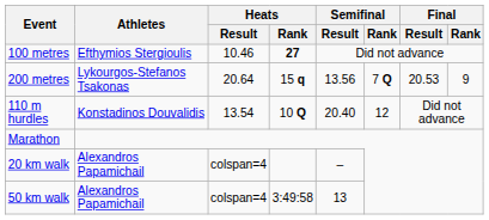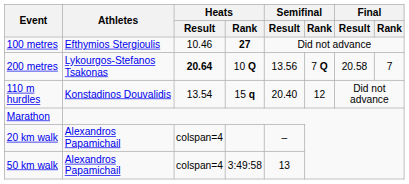 <table class="wikitable" border="1" style="font-size:90%">
 <tr>
 <th rowspan="2" width=75>Event</th>
 <th rowspan="2" width=150>Athletes</th>
 <th colspan="2">Heats</th>
 <th colspan="2">Semifinal</th>
 <th colspan="2">Final</th>
 </tr>
 <tr>
 <th width=50>Result</th>
 <th width=30>Rank</th>
 <th width=50>Result</th>
 <th width=30>Rank</th>
 <th width=50>Result</th>
 <th width=30>Rank</th>
 </tr>
 <tr>
 <td><a href='#'>100 metres</a></td>
 <td><a href='#'>Efthymios Stergioulis</a></td>
 <td align=center>10.46</td>
 <td align=center><strong>27</strong></td>
 <td colspan=4 align=center>Did not advance</td>
 </tr>
 <tr>
 <td><a href='#'>200 metres</a></td>
 <td><a href='#'>Lykourgos-Stefanos Tsakonas</a></td>
-<td align=center>20.64</td>
-<td align=center>15 <strong>q</strong></td>
+<td align=center><strong>20.64</strong></td>
+<td align=center>10 <strong>Q</strong></td>
 <td align=center>13.56</td>
 <td align=center>7 <strong>Q</strong></td>
-<td align=center>20.53</td>
-<td align=center>9</td>
+<td align=center>20.58</td>
+<td align=center>7</td>
 </tr>
 <tr>
 <td><a href='#'>110 m hurdles</a></td>
 <td><a href='#'>Konstadinos Douvalidis</a></td>
 <td align=center>13.54</td>
-<td align=center>10 <strong>Q</strong></td>
+<td align=center>15 <strong>q</strong></td>
 <td align=center>20.40</td>
 <td align=center>12</td>
 <td colspan=2 align=center>Did not advance</td>
 </tr>
 <tr>
 <td><a href='#'>Marathon</a></td>
 </tr>
 <tr>
 <td><a href='#'>20 km walk</a></td>
 <td><a href='#'>Alexandros Papamichail</a></td>
 <td>colspan=4 </td>
 <td align=center></td>
 <td align=center>–</td>
 </tr>
 <tr>
 <td><a href='#'>50 km walk</a></td>
 <td><a href='#'>Alexandros Papamichail</a></td>
 <td>colspan=4 </td>
 <td align=center>3:49:58</td>
 <td align=center>13</td>
 </tr>
 </table>
